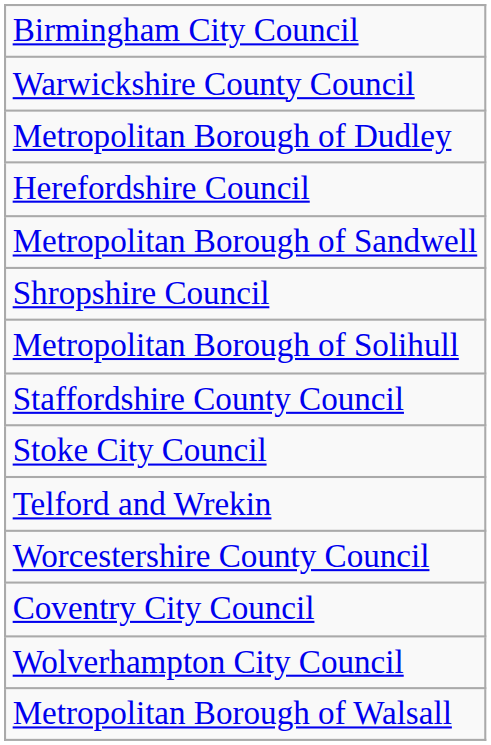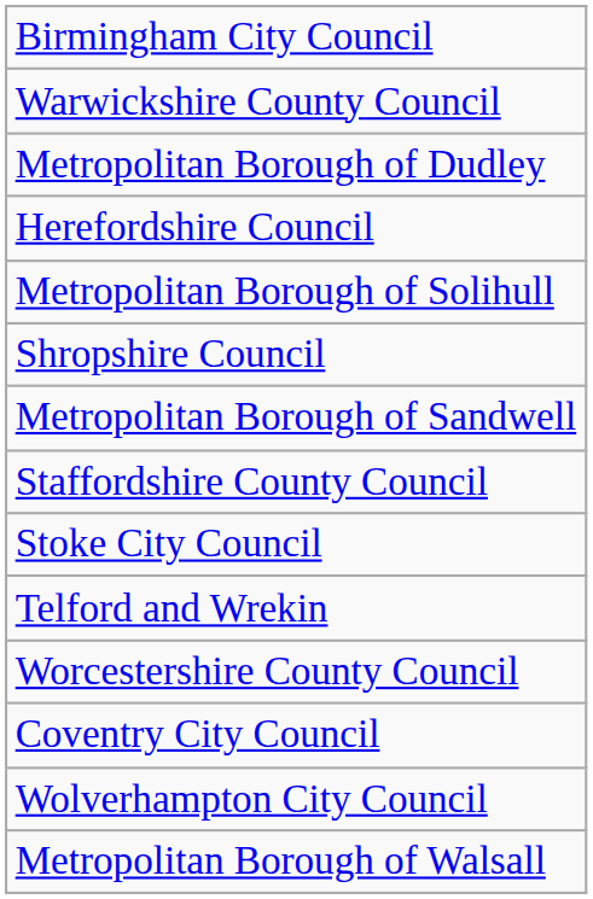 <table class="wikitable">
 <tr>
 <td><a href='#'>Birmingham City Council</a></td>
 </tr>
 <tr>
 <td><a href='#'>Warwickshire County Council</a></td>
 </tr>
 <tr>
 <td><a href='#'>Metropolitan Borough of Dudley</a></td>
 </tr>
 <tr>
 <td><a href='#'>Herefordshire Council</a></td>
 </tr>
 <tr>
-<td><a href='#'>Metropolitan Borough of Sandwell</a></td>
+<td><a href='#'>Metropolitan Borough of Solihull</a></td>
 </tr>
 <tr>
 <td><a href='#'>Shropshire Council</a></td>
 </tr>
 <tr>
-<td><a href='#'>Metropolitan Borough of Solihull</a></td>
+<td><a href='#'>Metropolitan Borough of Sandwell</a></td>
 </tr>
 <tr>
 <td><a href='#'>Staffordshire County Council</a></td>
 </tr>
 <tr>
 <td><a href='#'>Stoke City Council</a></td>
 </tr>
 <tr>
 <td><a href='#'>Telford and Wrekin</a></td>
 </tr>
 <tr>
 <td><a href='#'>Worcestershire County Council</a></td>
 </tr>
 <tr>
 <td><a href='#'>Coventry City Council</a></td>
 </tr>
 <tr>
 <td><a href='#'>Wolverhampton City Council</a></td>
 </tr>
 <tr>
 <td><a href='#'>Metropolitan Borough of Walsall</a></td>
 </tr>
 </table>
